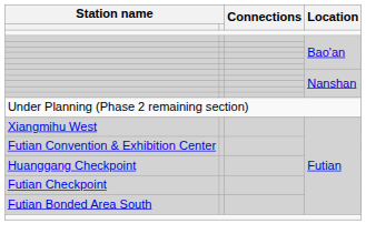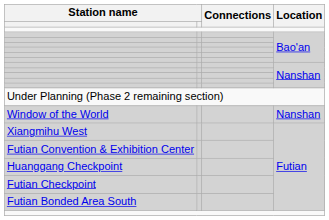 <table class="wikitable">
 <tr>
 <th colspan="2">Station name</th>
 <th rowspan="2">Connections</th>
 <th rowspan="2">Location</th>
 </tr>
 <tr>
 <th></th>
 <th></th>
 </tr>
 <tr style="background:#">
 <td colspan="4"></td>
 </tr>
 <tr bgcolor="lightgrey">
 <td></td>
 <td></td>
 <td> </td>
 <td rowspan="6"><a href='#'>Bao'an</a></td>
 </tr>
 <tr bgcolor="lightgrey">
 <td></td>
 <td></td>
 <td></td>
 </tr>
 <tr bgcolor="lightgrey">
 <td></td>
 <td></td>
 <td></td>
 </tr>
 <tr bgcolor="lightgrey">
 <td></td>
 <td></td>
 <td></td>
 </tr>
 <tr bgcolor="lightgrey">
 <td></td>
 <td></td>
 <td></td>
 </tr>
 <tr bgcolor="lightgrey">
 <td></td>
 <td></td>
 <td></td>
 </tr>
 <tr bgcolor="lightgrey">
 <td></td>
 <td></td>
 <td></td>
 <td rowspan="5"><a href='#'>Nanshan</a></td>
 </tr>
 <tr bgcolor="lightgrey">
 <td></td>
 <td></td>
 <td></td>
 </tr>
 <tr bgcolor="lightgrey">
 <td></td>
 <td></td>
 <td> </td>
 </tr>
 <tr bgcolor="lightgrey">
 <td></td>
 <td></td>
 <td></td>
 </tr>
 <tr bgcolor="lightgrey">
 <td></td>
 <td></td>
 <td> </td>
 </tr>
 <tr style="background:#">
 <td colspan="4"> Under Planning (Phase 2 remaining section) </td>
 </tr>
 <tr bgcolor="lightgrey">
+<td><a href='#'> Window of the World</a></td>
+<td></td>
+<td>  </td>
+<td rowspan="1"><a href='#'> Nanshan</a></td>
+</tr>
+<tr bgcolor="lightgrey">
 <td><a href='#'>Xiangmihu West</a></td>
 <td></td>
 <td> </td>
 <td rowspan="5"><a href='#'>Futian</a></td>
 </tr>
 <tr bgcolor="lightgrey">
 <td><a href='#'>Futian Convention & Exhibition Center</a></td>
 <td></td>
 <td></td>
 </tr>
 <tr bgcolor="lightgrey">
 <td><a href='#'>Huanggang Checkpoint</a></td>
 <td></td>
 <td></td>
 </tr>
 <tr bgcolor="lightgrey">
 <td><a href='#'>Futian Checkpoint</a></td>
 <td></td>
 <td>  </td>
 </tr>
 <tr bgcolor="lightgrey">
 <td><a href='#'>Futian Bonded Area South</a></td>
 <td></td>
 <td></td>
 </tr>
 <tr style="background:#">
 <td colspan="4"></td>
 </tr>
 </table>
